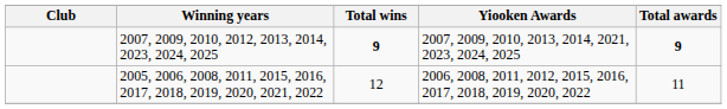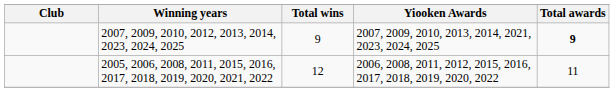 <table class="wikitable">
 <tr style="background:#87cefa;">
 </tr>
 <tr>
 <th scope="col" width="120">Club</th>
 <th scope="col" width="240">Winning years</th>
 <th scope="col" width="90">Total wins</th>
 <th scope="col" width="240">Yiooken Awards</th>
 <th scope="col" width="90">Total awards</th>
 </tr>
 <tr>
 <td></td>
 <td>2007, 2009, 2010, 2012, 2013, 2014, 2023, 2024, 2025</td>
-<td align=center><strong>9</strong></td>
+<td align=center>9</td>
 <td>2007, 2009, 2010, 2013, 2014, 2021, 2023, 2024, 2025</td>
 <td align=center><strong>9</strong></td>
 </tr>
 <tr>
 <td></td>
 <td>2005, 2006, 2008, 2011, 2015, 2016, 2017, 2018, 2019, 2020, 2021, 2022</td>
 <td align="center">12</td>
 <td>2006, 2008, 2011, 2012, 2015, 2016, 2017, 2018, 2019, 2020, 2022</td>
 <td align=center>11</td>
 </tr>
 <tr>
 </tr>
 </table>
